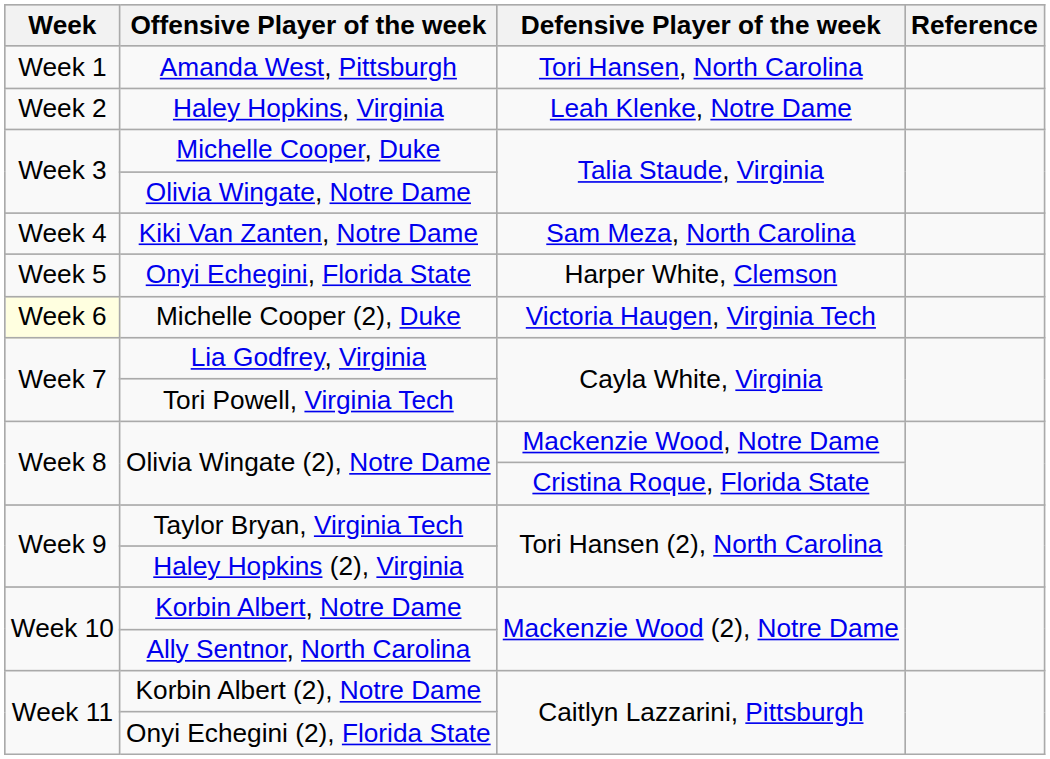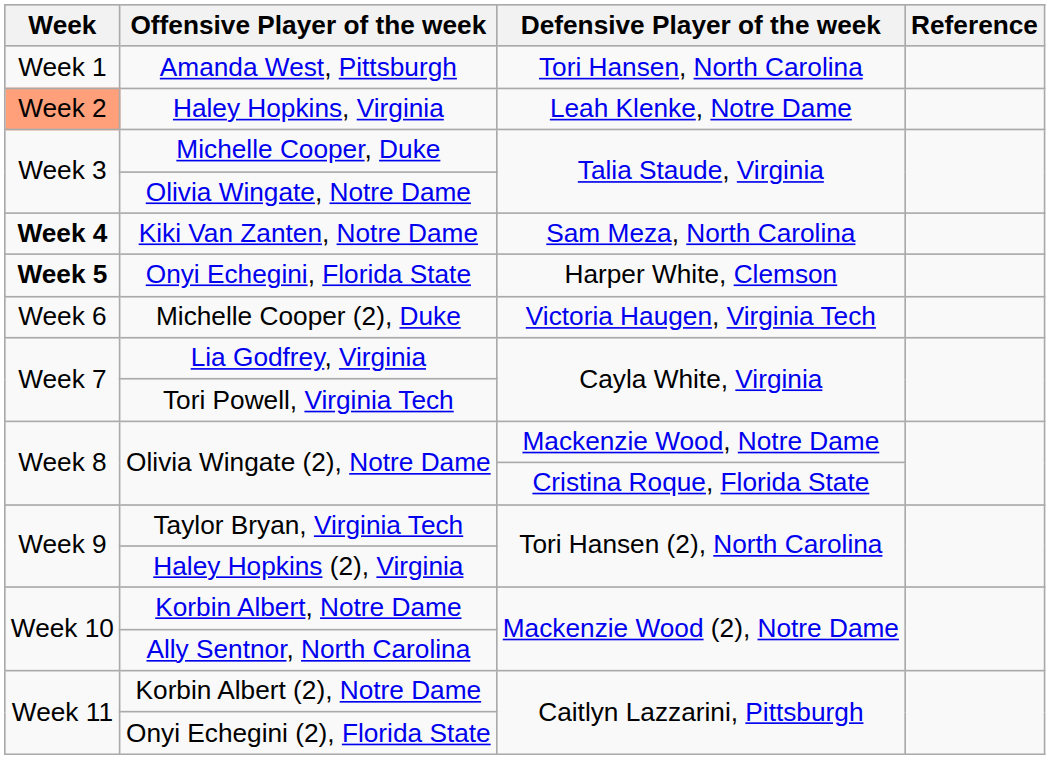 <table class="wikitable" border="1" style="text-align:center">
 <tr>
 <th>Week</th>
 <th>Offensive Player of the week</th>
 <th>Defensive Player of the week</th>
 <th>Reference</th>
 </tr>
 <tr>
 <td>Week 1</td>
 <td><a href='#'>Amanda West</a>, <a href='#'>Pittsburgh</a></td>
 <td><a href='#'>Tori Hansen</a>, <a href='#'>North Carolina</a></td>
 <td></td>
 </tr>
 <tr>
-<td>Week 2</td>
+<td style="background: lightsalmon;">Week 2</td>
 <td><a href='#'>Haley Hopkins</a>, <a href='#'>Virginia</a></td>
 <td><a href='#'>Leah Klenke</a>, <a href='#'>Notre Dame</a></td>
 <td></td>
 </tr>
 <tr>
 <td rowspan=2>Week 3</td>
 <td><a href='#'>Michelle Cooper</a>, <a href='#'>Duke</a></td>
 <td rowspan=2><a href='#'>Talia Staude</a>, <a href='#'>Virginia</a></td>
 <td rowspan=2></td>
 </tr>
 <tr>
 <td><a href='#'>Olivia Wingate</a>, <a href='#'>Notre Dame</a></td>
 </tr>
 <tr>
-<td>Week 4</td>
+<td><strong>Week 4</strong></td>
 <td><a href='#'>Kiki Van Zanten</a>, <a href='#'>Notre Dame</a></td>
 <td><a href='#'>Sam Meza</a>, <a href='#'>North Carolina</a></td>
 <td></td>
 </tr>
 <tr>
-<td>Week 5</td>
+<td><strong>Week 5</strong></td>
 <td><a href='#'>Onyi Echegini</a>, <a href='#'>Florida State</a></td>
 <td>Harper White, <a href='#'>Clemson</a></td>
 <td></td>
 </tr>
 <tr>
-<td style="background: lightyellow;">Week 6</td>
+<td>Week 6</td>
 <td>Michelle Cooper (2), <a href='#'>Duke</a></td>
 <td><a href='#'>Victoria Haugen</a>, <a href='#'>Virginia Tech</a></td>
 <td></td>
 </tr>
 <tr>
 <td rowspan=2>Week 7</td>
 <td><a href='#'>Lia Godfrey</a>, <a href='#'>Virginia</a></td>
 <td rowspan=2>Cayla White, <a href='#'>Virginia</a></td>
 <td rowspan=2></td>
 </tr>
 <tr>
 <td>Tori Powell, <a href='#'>Virginia Tech</a></td>
 </tr>
 <tr>
 <td rowspan=2>Week 8</td>
 <td rowspan=2>Olivia Wingate (2), <a href='#'>Notre Dame</a></td>
 <td><a href='#'>Mackenzie Wood</a>, <a href='#'>Notre Dame</a></td>
 <td rowspan=2></td>
 </tr>
 <tr>
 <td><a href='#'>Cristina Roque</a>, <a href='#'>Florida State</a></td>
 </tr>
 <tr>
 <td rowspan=2>Week 9</td>
 <td>Taylor Bryan, <a href='#'>Virginia Tech</a></td>
 <td rowspan=2>Tori Hansen (2), <a href='#'>North Carolina</a></td>
 <td rowspan=2></td>
 </tr>
 <tr>
 <td><a href='#'>Haley Hopkins</a> (2), <a href='#'>Virginia</a></td>
 </tr>
 <tr>
 <td rowspan=2>Week 10</td>
 <td><a href='#'>Korbin Albert</a>, <a href='#'>Notre Dame</a></td>
 <td rowspan=2><a href='#'>Mackenzie Wood</a> (2), <a href='#'>Notre Dame</a></td>
 <td rowspan=2></td>
 </tr>
 <tr>
 <td><a href='#'>Ally Sentnor</a>, <a href='#'>North Carolina</a></td>
 </tr>
 <tr>
 <td rowspan=2>Week 11</td>
 <td>Korbin Albert (2), <a href='#'>Notre Dame</a></td>
 <td rowspan=2>Caitlyn Lazzarini, <a href='#'>Pittsburgh</a></td>
 <td rowspan=2></td>
 </tr>
 <tr>
 <td>Onyi Echegini (2), <a href='#'>Florida State</a></td>
 </tr>
 </table>
